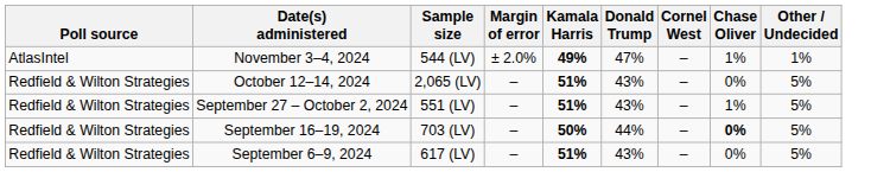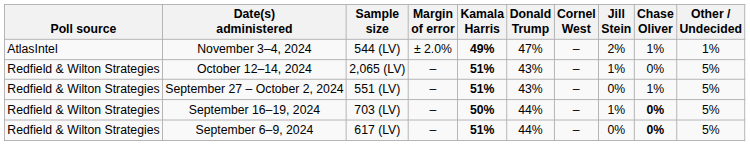 <table class="wikitable sortable mw-datatable" style="font-size:90%;text-align:center;line-height:17px">
 <tr valign=bottom>
 <th>Poll source</th>
 <th>Date(s)<br>administered</th>
 <th>Sample<br>size</th>
 <th>Margin<br>of error</th>
 <th class="unsortable">Kamala<br>Harris<br></th>
 <th class="unsortable">Donald<br>Trump<br></th>
 <th class="unsortable">Cornel<br>West<br></th>
+<th class="unsortable">Jill<br>Stein<br></th>
 <th class="unsortable">Chase<br>Oliver<br></th>
 <th class="unsortable">Other /<br>Undecided</th>
 </tr>
 <tr>
 <td style="text-align:left;">AtlasIntel</td>
 <td data-sort-value="2024-11-04">November 3–4, 2024</td>
 <td>544 (LV)</td>
 <td>± 2.0%</td>
 <td style="color:black;background-color:"><strong>49%</strong></td>
 <td>47%</td>
 <td>–</td>
+<td>2%</td>
 <td>1%</td>
 <td>1%</td>
 </tr>
 <tr>
 <td style="text-align:left;">Redfield & Wilton Strategies</td>
 <td data-sort-value="2024-10-14">October 12–14, 2024</td>
 <td>2,065 (LV)</td>
 <td>–</td>
 <td style="color:black;background-color:"><strong>51%</strong></td>
 <td>43%</td>
 <td>–</td>
+<td>1%</td>
 <td>0%</td>
 <td>5%</td>
 </tr>
 <tr>
 <td style="text-align:left;">Redfield & Wilton Strategies</td>
 <td data-sort-value="2024-10-02">September 27 – October 2, 2024</td>
 <td>551 (LV)</td>
 <td>–</td>
 <td style="color:black;background-color:"><strong>51%</strong></td>
 <td>43%</td>
 <td>–</td>
+<td>0%</td>
 <td>1%</td>
 <td>5%</td>
 </tr>
 <tr>
 <td style="text-align:left;">Redfield & Wilton Strategies</td>
 <td data-sort-value="2024-09-19">September 16–19, 2024</td>
 <td>703 (LV)</td>
 <td>–</td>
 <td style="color:black;background-color:"><strong>50%</strong></td>
 <td>44%</td>
 <td>–</td>
+<td>1%</td>
 <td><strong>0%</strong></td>
 <td>5%</td>
 </tr>
 <tr>
 <td style="text-align:left;">Redfield & Wilton Strategies</td>
 <td data-sort-value="2024-09-6">September 6–9, 2024</td>
 <td>617 (LV)</td>
 <td>–</td>
 <td style="color:black;background-color:"><strong>51%</strong></td>
-<td>43%</td>
+<td>44%</td>
 <td>–</td>
 <td>0%</td>
+<td><strong>0%</strong></td>
 <td>5%</td>
 </tr>
 </table>
